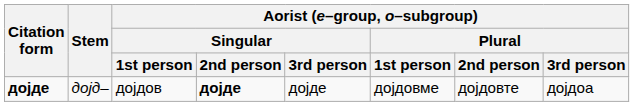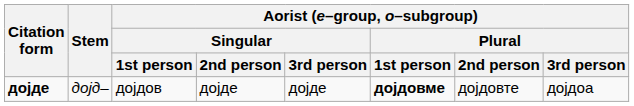 <table class="wikitable">
 <tr>
 <th rowspan="3">Citation<br>form</th>
 <th rowspan="3">Stem</th>
 <th colspan="6">Aorist (<em>е</em>–group, <em>о</em>–subgroup)</th>
 </tr>
 <tr>
 <th colspan="3">Singular</th>
 <th colspan="3">Plural</th>
 </tr>
 <tr>
 <th>1st person</th>
 <th>2nd person</th>
 <th>3rd person</th>
 <th>1st person</th>
 <th>2nd person</th>
 <th>3rd person</th>
 </tr>
 <tr>
 <td><strong>дојде</strong></td>
 <td><em>дојд–</em></td>
 <td>дојд<span>о</span><span>в</span></td>
-<td><strong>дојд<span>е</span></strong></td>
 <td>дојд<span>е</span></td>
-<td>дојд<span>о</span><span>вме</span></td>
+<td>дојд<span>е</span></td>
+<td><strong>дојд<span>о</span><span>вме</span></strong></td>
 <td>дојд<span>о</span><span>вте</span></td>
 <td>дојд<span>о</span><span>а</span></td>
 </tr>
 </table>
